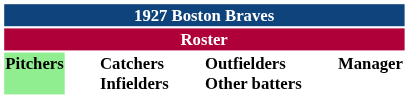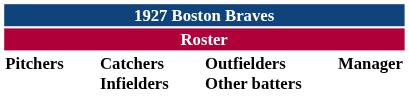 <table class="toccolours" style="font-size: 95%;">
 <tr>
 <th colspan="10" style="background-color: #0f437c; color: white; text-align: center;">1927 Boston Braves</th>
 </tr>
 <tr>
 <td colspan="10" style="background-color: #af0039; color: white; text-align: center;"><strong>Roster</strong></td>
 </tr>
 <tr>
-<td valign="top" style="background: lightgreen;"><strong>Pitchers</strong><br>              </td>
+<td valign="top"><strong>Pitchers</strong><br>              </td>
 <td width="25px"></td>
 <td valign="top"><strong>Catchers</strong><br>    <strong>Infielders</strong>        </td>
 <td width="25px"></td>
 <td valign="top"><strong>Outfielders</strong><br>        <strong>Other batters</strong> </td>
 <td width="25px"></td>
 <td valign="top"><strong>Manager</strong><br></td>
 </tr>
 </table>
